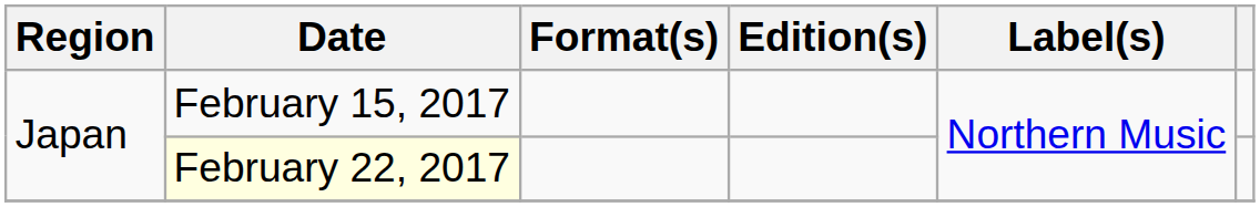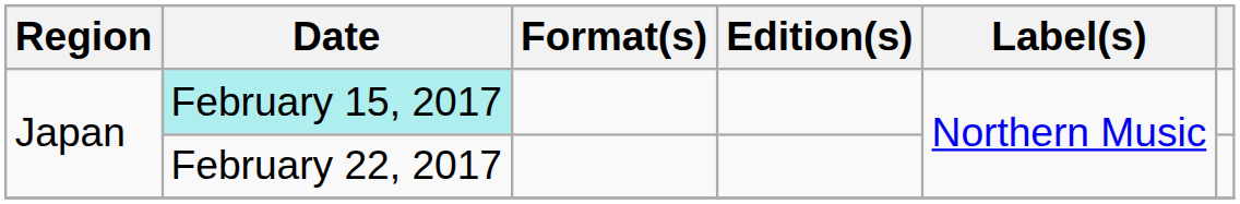 <table class="wikitable plainrowheaders">
 <tr>
 <th scope="col">Region</th>
 <th scope="col">Date</th>
 <th scope="col">Format(s)</th>
 <th scope="col">Edition(s)</th>
 <th scope="col">Label(s)</th>
 <th scope="col"></th>
 </tr>
 <tr>
 <td rowspan="2">Japan</td>
-<td>February 15, 2017</td>
+<td style="background: paleturquoise;">February 15, 2017</td>
 <td></td>
 <td></td>
 <td rowspan="2"><a href='#'>Northern Music</a></td>
 <td></td>
 </tr>
 <tr>
-<td style="background: lightyellow;">February 22, 2017</td>
+<td>February 22, 2017</td>
 <td></td>
 <td></td>
 <td></td>
 </tr>
 <tr>
 </tr>
 </table>
